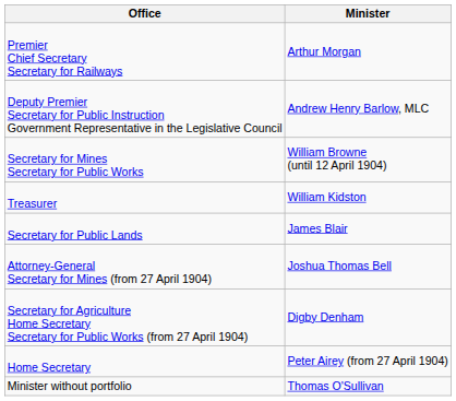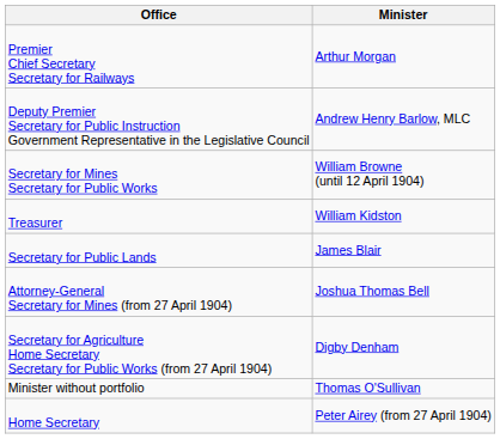 <table class="wikitable">
 <tr>
 <th>Office</th>
 <th>Minister</th>
 </tr>
 <tr>
 <td><br><a href='#'>Premier</a><br> <a href='#'>Chief Secretary</a><br> <a href='#'>Secretary for Railways</a></td>
 <td><a href='#'>Arthur Morgan</a></td>
 </tr>
 <tr>
 <td><br><a href='#'>Deputy Premier</a><br> <a href='#'>Secretary for Public Instruction</a><br> Government Representative in the Legislative Council</td>
 <td><a href='#'>Andrew Henry Barlow</a>, MLC</td>
 </tr>
 <tr>
 <td><br><a href='#'>Secretary for Mines</a><br> <a href='#'>Secretary for Public Works</a></td>
 <td><a href='#'>William Browne</a><br>(until 12 April 1904)</td>
 </tr>
 <tr>
 <td><br><a href='#'>Treasurer</a></td>
 <td><a href='#'>William Kidston</a></td>
 </tr>
 <tr>
 <td><br><a href='#'>Secretary for Public Lands</a></td>
 <td><a href='#'>James Blair</a></td>
 </tr>
 <tr>
 <td><br><a href='#'>Attorney-General</a><br> <a href='#'>Secretary for Mines</a> (from 27 April 1904)</td>
 <td><a href='#'>Joshua Thomas Bell</a></td>
 </tr>
 <tr>
 <td><br><a href='#'>Secretary for Agriculture</a><br> <a href='#'>Home Secretary</a><br> <a href='#'>Secretary for Public Works</a> (from 27 April 1904)</td>
 <td><a href='#'>Digby Denham</a></td>
 </tr>
 <tr>
+<td>Minister without portfolio</td>
+<td><a href='#'>Thomas O'Sullivan</a></td>
+</tr>
+<tr>
 <td><br><a href='#'>Home Secretary</a></td>
 <td><a href='#'>Peter Airey</a> (from 27 April 1904)</td>
 </tr>
-<tr>
-<td>Minister without portfolio</td>
-<td><a href='#'>Thomas O'Sullivan</a></td>
-</tr>
 </table>
